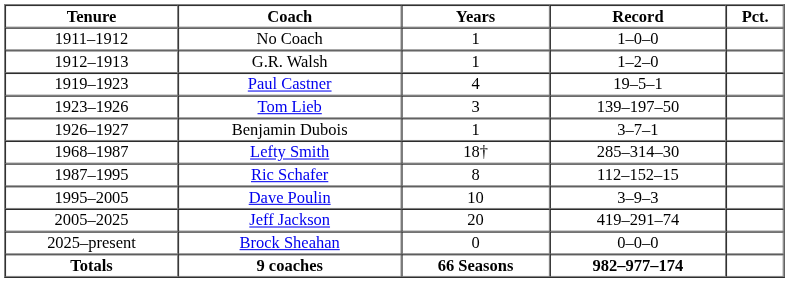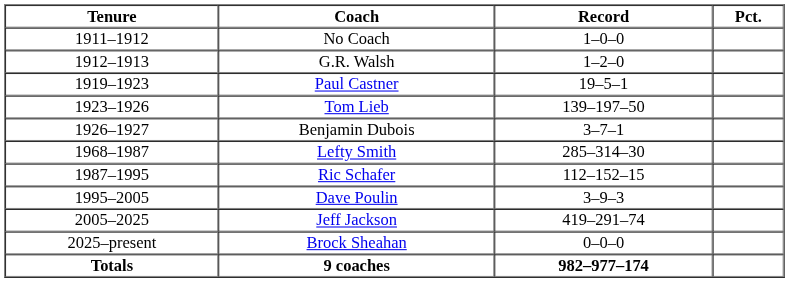 <table cellpadding="1" border="1" cellspacing="0" width="60%">
 <tr>
 <th>Tenure</th>
 <th>Coach</th>
-<th>Years</th>
 <th>Record</th>
 <th>Pct.</th>
 </tr>
 <tr align="center">
 <td>1911–1912</td>
 <td>No Coach</td>
-<td>1</td>
 <td>1–0–0</td>
 <td></td>
 </tr>
 <tr align="center">
 <td>1912–1913</td>
 <td>G.R. Walsh</td>
-<td>1</td>
 <td>1–2–0</td>
 <td></td>
 </tr>
 <tr align="center">
 <td>1919–1923</td>
 <td><a href='#'>Paul Castner</a></td>
-<td>4</td>
 <td>19–5–1</td>
 <td></td>
 </tr>
 <tr align="center">
 <td>1923–1926</td>
 <td><a href='#'>Tom Lieb</a></td>
-<td>3</td>
 <td>139–197–50</td>
 <td></td>
 </tr>
 <tr align="center">
 <td>1926–1927</td>
 <td>Benjamin Dubois</td>
-<td>1</td>
 <td>3–7–1</td>
 <td></td>
 </tr>
 <tr align="center">
 <td>1968–1987</td>
 <td><a href='#'>Lefty Smith</a></td>
-<td>18†</td>
 <td>285–314–30</td>
 <td></td>
 </tr>
 <tr align="center">
 <td>1987–1995</td>
 <td><a href='#'>Ric Schafer</a></td>
-<td>8</td>
 <td>112–152–15</td>
 <td></td>
 </tr>
 <tr align="center">
 <td>1995–2005</td>
 <td><a href='#'>Dave Poulin</a></td>
-<td>10</td>
 <td>3–9–3</td>
 <td></td>
 </tr>
 <tr align="center">
 <td>2005–2025</td>
 <td><a href='#'>Jeff Jackson</a></td>
-<td>20</td>
 <td>419–291–74</td>
 <td></td>
 </tr>
 <tr align="center">
 <td>2025–present</td>
 <td><a href='#'>Brock Sheahan</a></td>
-<td>0</td>
 <td>0–0–0</td>
 <td></td>
 </tr>
 <tr align=center>
 <th>Totals</th>
 <th>9 coaches</th>
-<th>66 Seasons</th>
 <th>982–977–174</th>
 <th></th>
 </tr>
 </table>
